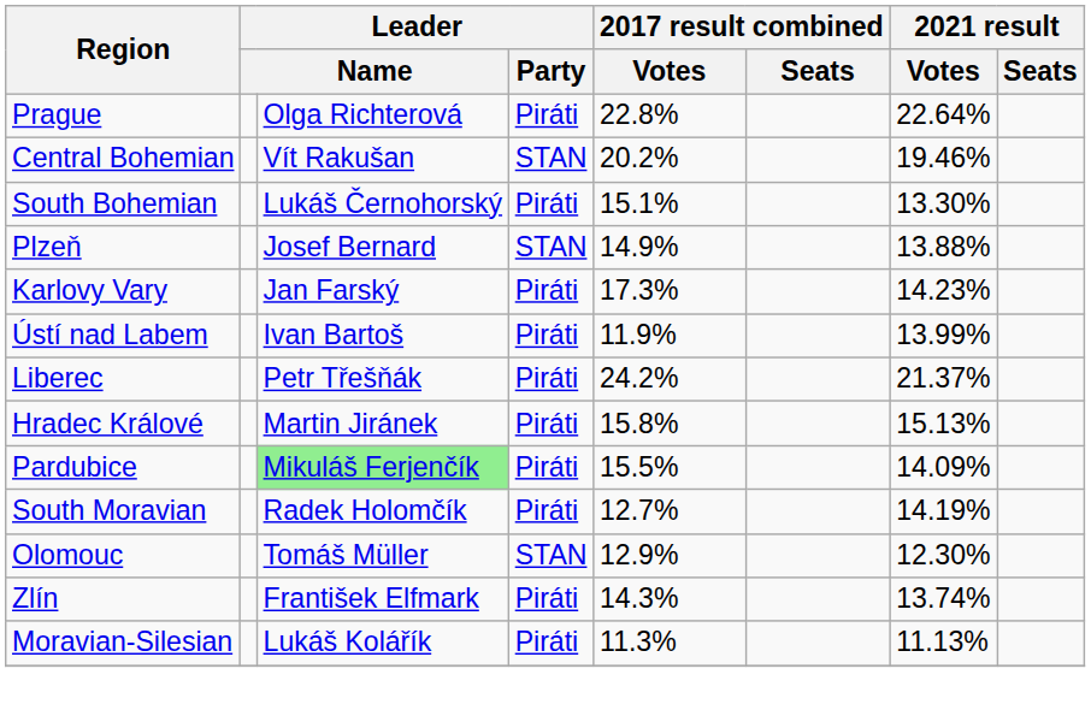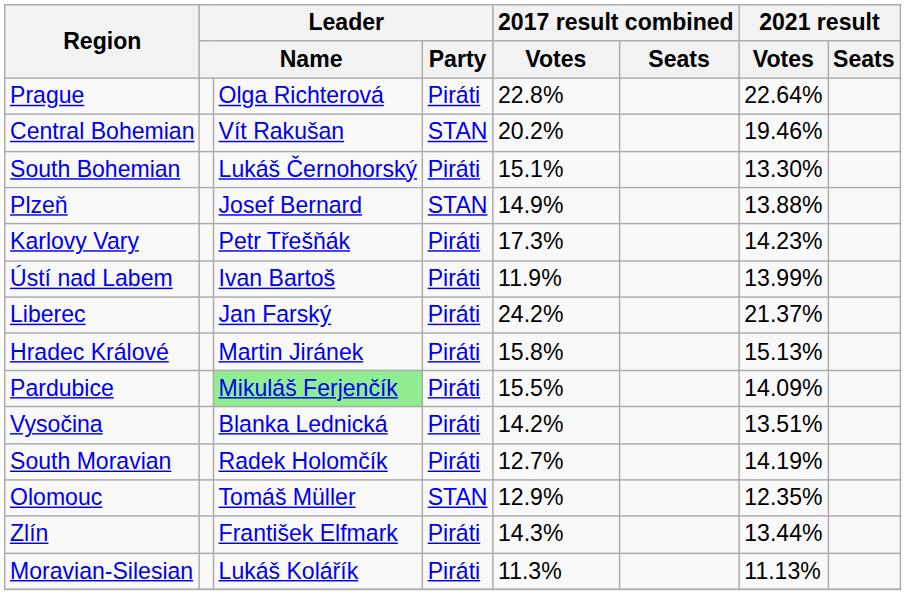 <table class="wikitable">
 <tr>
 <th rowspan=2>Region</th>
 <th colspan=3>Leader</th>
 <th colspan=2>2017 result combined</th>
 <th colspan=2>2021 result</th>
 </tr>
 <tr>
 <th colspan=2>Name</th>
 <th>Party</th>
 <th>Votes</th>
 <th>Seats</th>
 <th>Votes</th>
 <th>Seats</th>
 </tr>
 <tr>
 <td><a href='#'>Prague</a></td>
 <td style="width:2px;background:"></td>
 <td><a href='#'>Olga Richterová</a></td>
 <td><a href='#'>Piráti</a></td>
 <td>22.8%</td>
 <td></td>
 <td>22.64%</td>
 <td></td>
 </tr>
 <tr>
 <td><a href='#'>Central Bohemian</a></td>
 <td style="width:2px;background:"></td>
 <td><a href='#'>Vít Rakušan</a></td>
 <td><a href='#'>STAN</a></td>
 <td>20.2%</td>
 <td></td>
 <td>19.46%</td>
 <td></td>
 </tr>
 <tr>
 <td><a href='#'>South Bohemian</a></td>
 <td style="width:2px;background:"></td>
 <td><a href='#'>Lukáš Černohorský</a></td>
 <td><a href='#'>Piráti</a></td>
 <td>15.1%</td>
 <td></td>
 <td>13.30%</td>
 <td></td>
 </tr>
 <tr>
 <td><a href='#'>Plzeň</a></td>
 <td style="width:2px;background:"></td>
 <td><a href='#'>Josef Bernard</a></td>
 <td><a href='#'>STAN</a></td>
 <td>14.9%</td>
 <td></td>
 <td>13.88%</td>
 <td></td>
 </tr>
 <tr>
 <td><a href='#'>Karlovy Vary</a></td>
 <td style="width:2px;background:"></td>
-<td><a href='#'>Jan Farský</a></td>
+<td><a href='#'>Petr Třešňák</a></td>
 <td><a href='#'>Piráti</a></td>
 <td>17.3%</td>
 <td></td>
 <td>14.23%</td>
 <td></td>
 </tr>
 <tr>
 <td><a href='#'>Ústí nad Labem</a></td>
 <td style="width:2px;background:"></td>
 <td><a href='#'>Ivan Bartoš</a></td>
 <td><a href='#'>Piráti</a></td>
 <td>11.9%</td>
 <td></td>
 <td>13.99%</td>
 <td></td>
 </tr>
 <tr>
 <td><a href='#'>Liberec</a></td>
 <td style="width:2px;background:"></td>
-<td><a href='#'>Petr Třešňák</a></td>
+<td><a href='#'>Jan Farský</a></td>
 <td><a href='#'>Piráti</a></td>
 <td>24.2%</td>
 <td></td>
 <td>21.37%</td>
 <td></td>
 </tr>
 <tr>
 <td><a href='#'>Hradec Králové</a></td>
 <td style="width:2px;background:"></td>
 <td><a href='#'>Martin Jiránek</a></td>
 <td><a href='#'>Piráti</a></td>
 <td>15.8%</td>
 <td></td>
 <td>15.13%</td>
 <td></td>
 </tr>
 <tr>
 <td><a href='#'>Pardubice</a></td>
 <td style="width:2px;background:"></td>
 <td style="background: lightgreen;"><a href='#'>Mikuláš Ferjenčík</a></td>
 <td><a href='#'>Piráti</a></td>
 <td>15.5%</td>
 <td></td>
 <td>14.09%</td>
 <td></td>
 </tr>
 <tr>
+<td><a href='#'>Vysočina</a></td>
+<td style="width:2px;background:"></td>
+<td><a href='#'>Blanka Lednická</a></td>
+<td><a href='#'>Piráti</a></td>
+<td>14.2%</td>
+<td></td>
+<td>13.51%</td>
+<td></td>
+</tr>
+<tr>
 <td><a href='#'>South Moravian</a></td>
 <td style="width:2px;background:"></td>
 <td><a href='#'>Radek Holomčík</a></td>
 <td><a href='#'>Piráti</a></td>
 <td>12.7%</td>
 <td></td>
 <td>14.19%</td>
 <td></td>
 </tr>
 <tr>
 <td><a href='#'>Olomouc</a></td>
 <td style="width:2px;background:"></td>
 <td><a href='#'>Tomáš Müller</a></td>
 <td><a href='#'>STAN</a></td>
 <td>12.9%</td>
 <td></td>
-<td>12.30%</td>
+<td>12.35%</td>
 <td></td>
 </tr>
 <tr>
 <td><a href='#'>Zlín</a></td>
 <td style="width:2px;background:"></td>
 <td><a href='#'>František Elfmark</a></td>
 <td><a href='#'>Piráti</a></td>
 <td>14.3%</td>
 <td></td>
-<td>13.74%</td>
+<td>13.44%</td>
 <td></td>
 </tr>
 <tr>
 <td><a href='#'>Moravian-Silesian</a></td>
 <td style="width:2px;background:"></td>
 <td><a href='#'>Lukáš Kolářík</a></td>
 <td><a href='#'>Piráti</a></td>
 <td>11.3%</td>
 <td></td>
 <td>11.13%</td>
 <td></td>
 </tr>
 <tr>
 </tr>
 </table>
